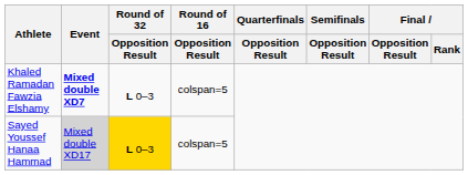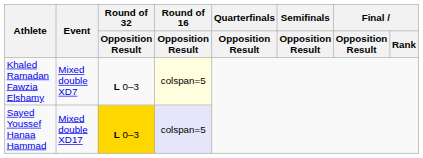 <table class=wikitable style="font-size:90%">
 <tr style="text-align:center">
 <th rowspan="2">Athlete</th>
 <th rowspan="2">Event</th>
 <th>Round of 32</th>
 <th>Round of 16</th>
 <th>Quarterfinals</th>
 <th>Semifinals</th>
 <th colspan="2">Final / </th>
 </tr>
 <tr>
 <th>Opposition<br>Result</th>
 <th>Opposition<br>Result</th>
 <th>Opposition<br>Result</th>
 <th>Opposition<br>Result</th>
 <th>Opposition<br>Result</th>
 <th>Rank</th>
 </tr>
 <tr style="text-align:center">
 <td style="text-align:left"><a href='#'>Khaled Ramadan</a><br><a href='#'>Fawzia Elshamy</a></td>
-<td style="text-align:left"><strong><a href='#'>Mixed double XD7</a></strong></td>
+<td style="text-align:left"><a href='#'>Mixed double XD7</a></td>
 <td><br><strong>L</strong> 0–3</td>
-<td>colspan=5 </td>
+<td style="background: lightyellow;">colspan=5 </td>
 </tr>
 <tr style="text-align:center">
 <td style="text-align:left"><a href='#'>Sayed Youssef</a><br><a href='#'>Hanaa Hammad</a></td>
-<td style="background: lightgrey; text-align:left"><a href='#'>Mixed double XD17</a></td>
+<td style="text-align:left"><a href='#'>Mixed double XD17</a></td>
 <td style="background: gold;"><br><strong>L</strong> 0–3</td>
-<td>colspan=5 </td>
+<td style="background: lavender;">colspan=5 </td>
 </tr>
 </table>
